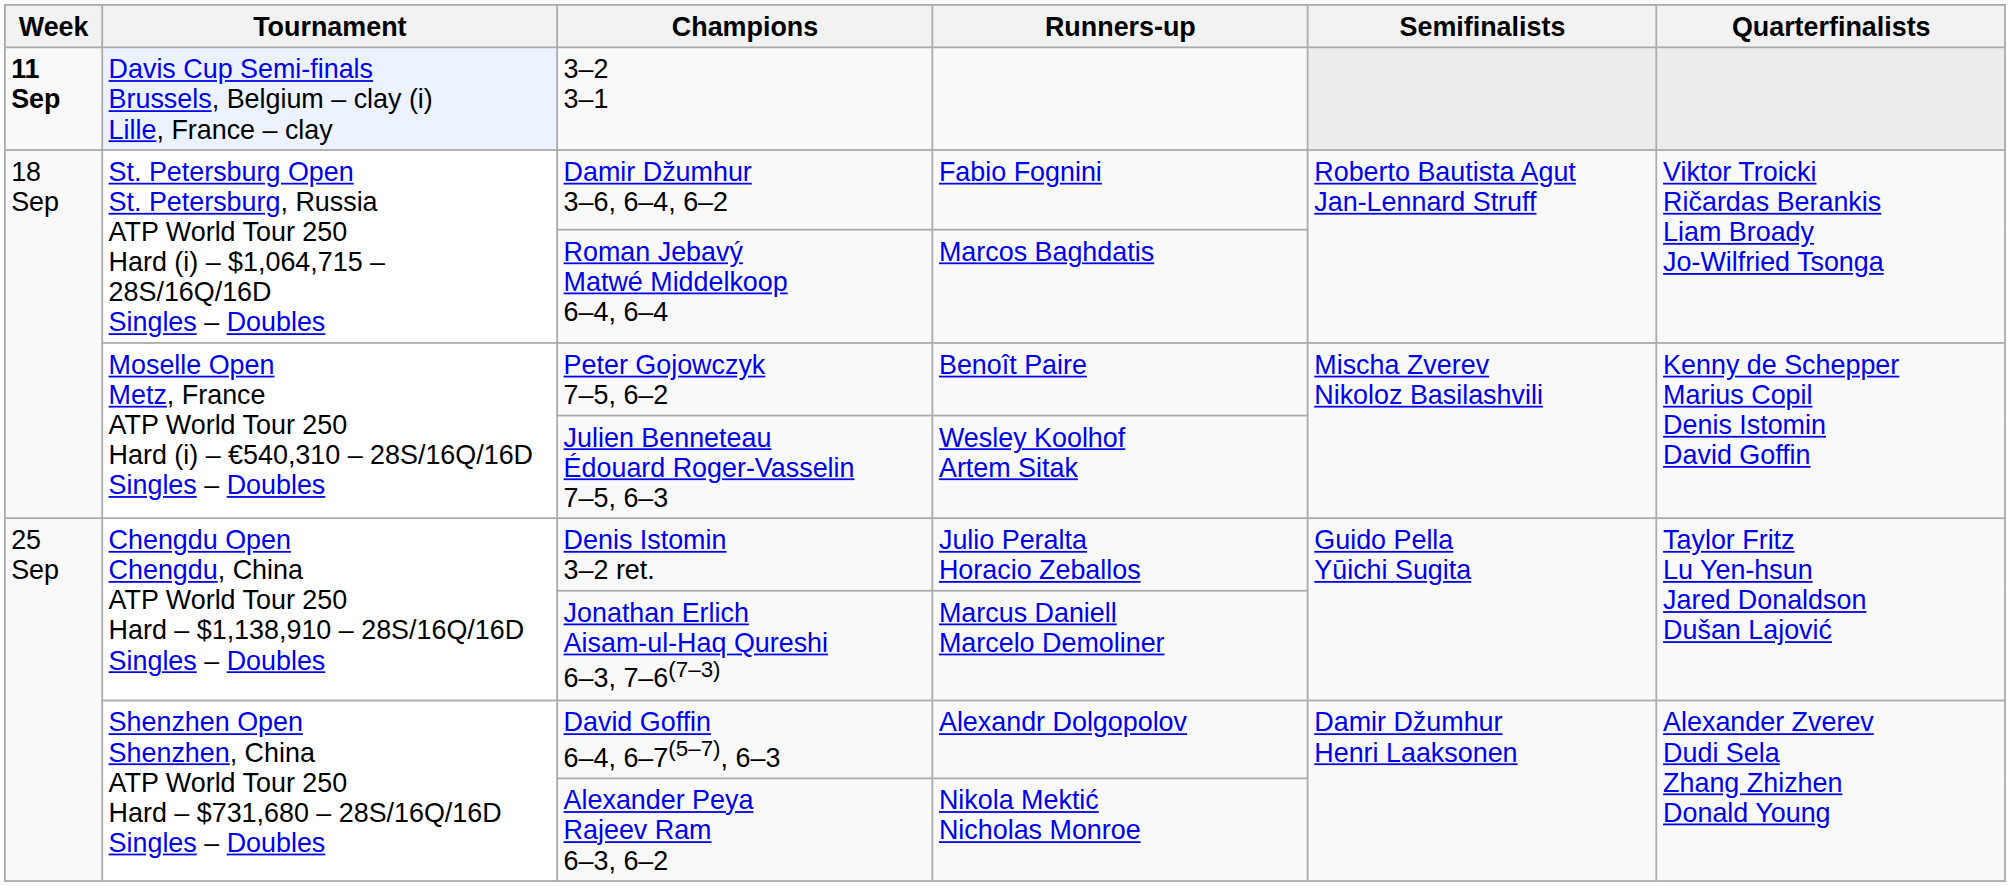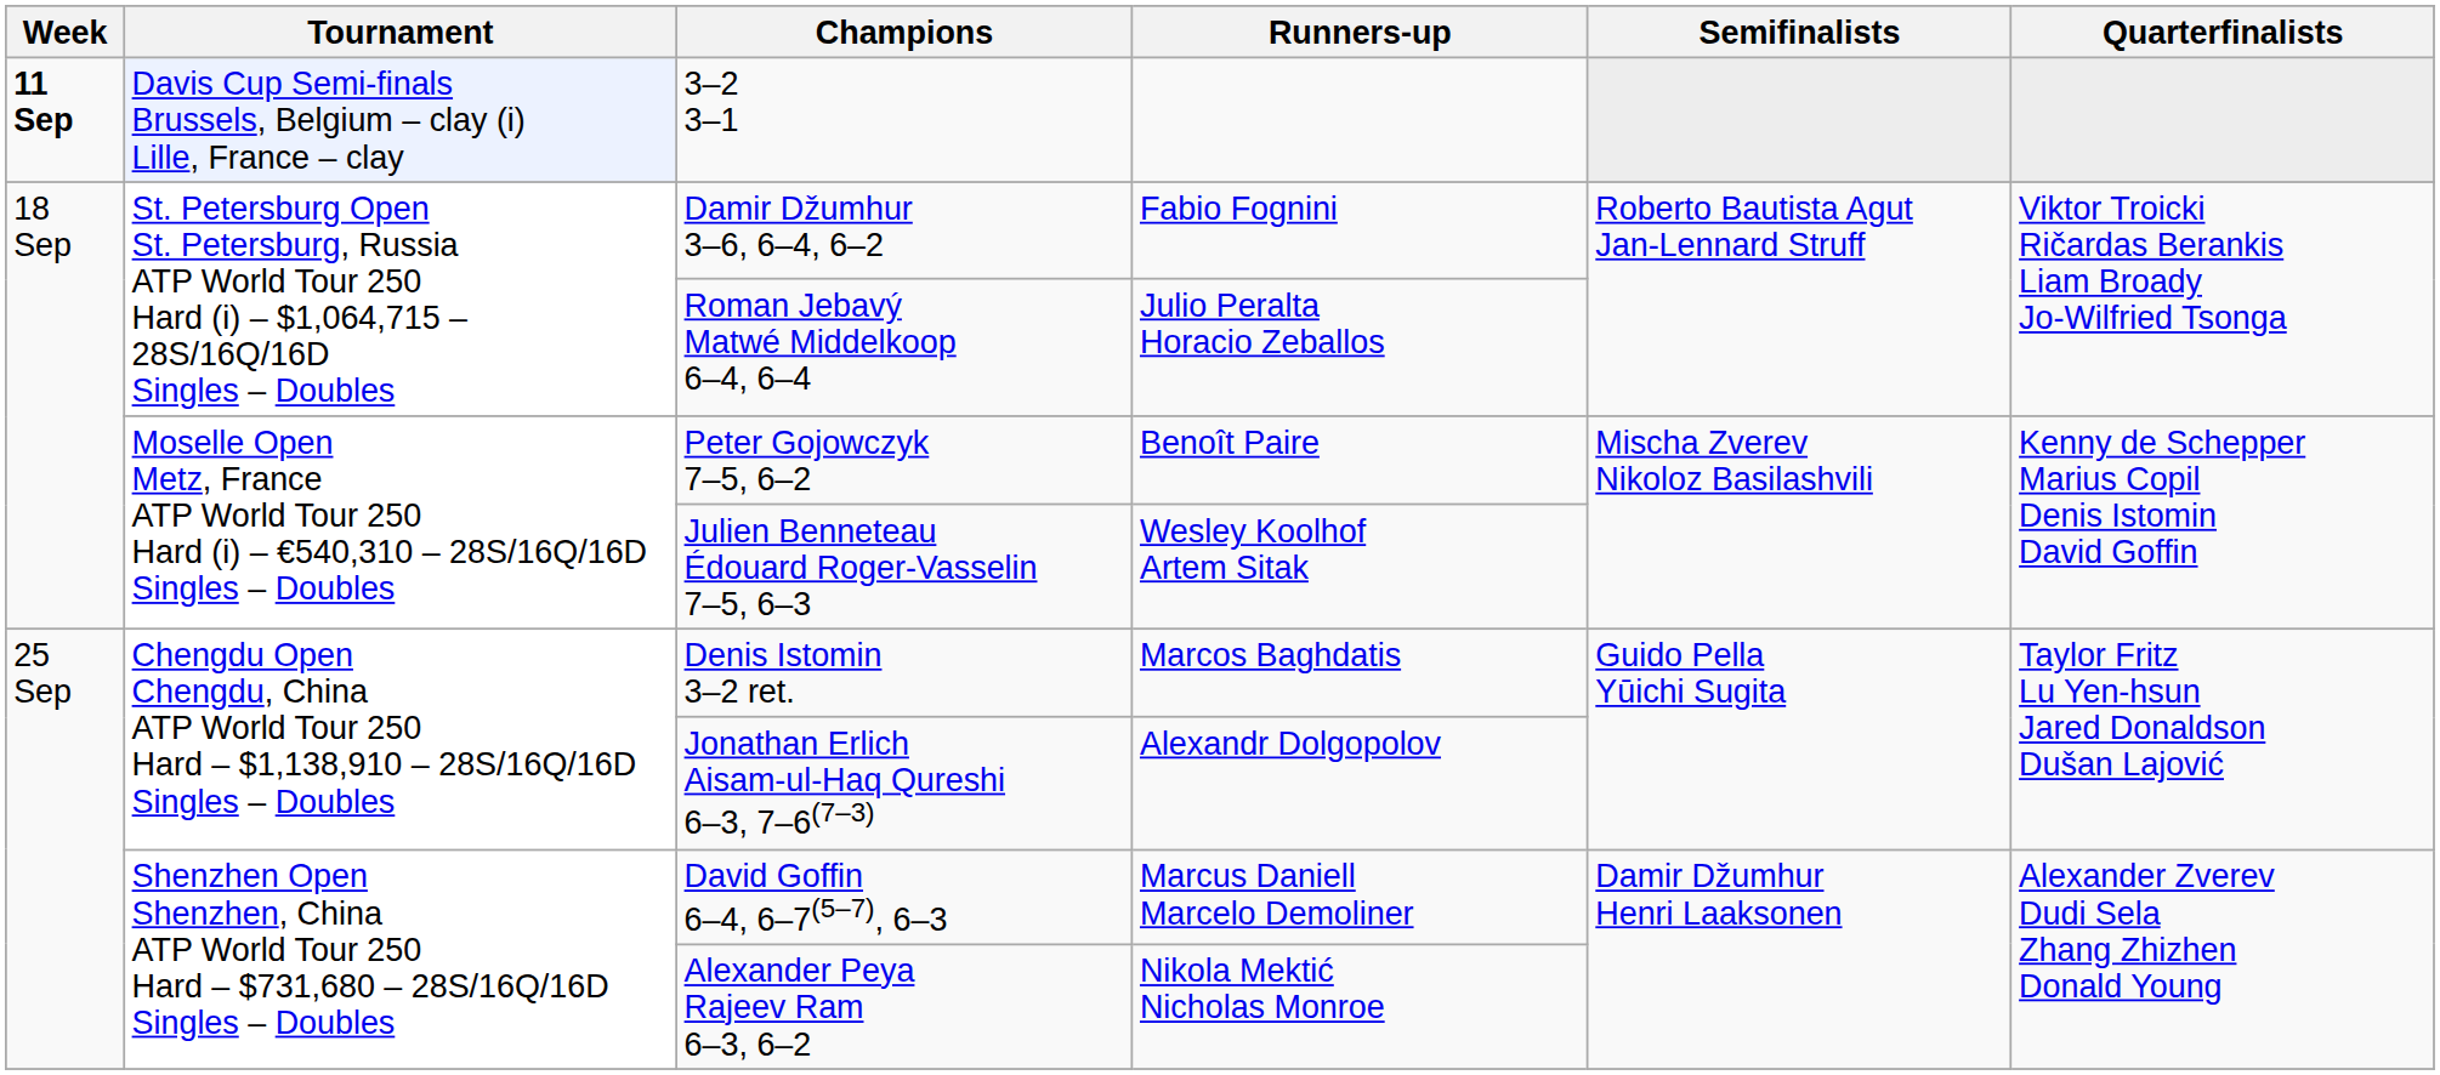 <table class=wikitable style=font-size:95%>
 <tr>
 <th style="width:48px;">Week</th>
 <th style="width:250px;">Tournament</th>
 <th style="width:205px;">Champions</th>
 <th style="width:205px;">Runners-up</th>
 <th style="width:190px;">Semifinalists</th>
 <th style="width:190px;">Quarterfinalists</th>
 </tr>
 <tr valign=top>
 <td><strong>11 Sep</strong></td>
 <td bgcolor=#ECF2FF><a href='#'>Davis Cup Semi-finals</a><br><a href='#'>Brussels</a>, Belgium – clay (i)<br><a href='#'>Lille</a>, France – clay</td>
 <td> 3–2<br> 3–1</td>
 <td><br>  </td>
 <td bgcolor="#ededed"></td>
 <td bgcolor="#ededed"></td>
 </tr>
 <tr valign=top>
 <td rowspan=4>18 Sep</td>
 <td bgcolor=#ffffff rowspan=2><a href='#'>St. Petersburg Open</a><br> <a href='#'>St. Petersburg</a>, Russia<br>ATP World Tour 250<br>Hard (i) – $1,064,715 – 28S/16Q/16D<br><a href='#'>Singles</a> – <a href='#'>Doubles</a></td>
 <td> <a href='#'>Damir Džumhur</a> <br>3–6, 6–4, 6–2</td>
 <td> <a href='#'>Fabio Fognini</a></td>
 <td rowspan=2> <a href='#'>Roberto Bautista Agut</a> <br> <a href='#'>Jan-Lennard Struff</a></td>
 <td rowspan=2> <a href='#'>Viktor Troicki</a><br> <a href='#'>Ričardas Berankis</a> <br>  <a href='#'>Liam Broady</a> <br>  <a href='#'>Jo-Wilfried Tsonga</a></td>
 </tr>
 <tr valign=top>
 <td> <a href='#'>Roman Jebavý</a> <br>  <a href='#'>Matwé Middelkoop</a> <br> 6–4, 6–4</td>
-<td> <a href='#'>Marcos Baghdatis</a></td>
+<td> <a href='#'>Julio Peralta</a> <br>  <a href='#'>Horacio Zeballos</a></td>
 </tr>
 <tr valign=top>
 <td bgcolor=#ffffff rowspan=2><a href='#'>Moselle Open</a><br> <a href='#'>Metz</a>, France<br>ATP World Tour 250<br>Hard (i) – €540,310 – 28S/16Q/16D<br><a href='#'>Singles</a> – <a href='#'>Doubles</a></td>
 <td> <a href='#'>Peter Gojowczyk</a> <br> 7–5, 6–2</td>
 <td> <a href='#'>Benoît Paire</a></td>
 <td rowspan=2> <a href='#'>Mischa Zverev</a> <br> <a href='#'>Nikoloz Basilashvili</a></td>
 <td rowspan=2> <a href='#'>Kenny de Schepper</a> <br> <a href='#'>Marius Copil</a> <br>  <a href='#'>Denis Istomin</a> <br> <a href='#'>David Goffin</a></td>
 </tr>
 <tr valign=top>
 <td> <a href='#'>Julien Benneteau</a> <br>  <a href='#'>Édouard Roger-Vasselin</a> <br>7–5, 6–3</td>
 <td> <a href='#'>Wesley Koolhof</a> <br>  <a href='#'>Artem Sitak</a></td>
 </tr>
 <tr valign=top>
 <td rowspan=4>25 Sep</td>
 <td bgcolor=#ffffff rowspan=2><a href='#'>Chengdu Open</a><br> <a href='#'>Chengdu</a>, China<br>ATP World Tour 250<br>Hard – $1,138,910 – 28S/16Q/16D<br><a href='#'>Singles</a> – <a href='#'>Doubles</a></td>
 <td> <a href='#'>Denis Istomin</a> <br> 3–2 ret.</td>
-<td> <a href='#'>Julio Peralta</a> <br>  <a href='#'>Horacio Zeballos</a></td>
+<td> <a href='#'>Marcos Baghdatis</a></td>
 <td rowspan=2> <a href='#'>Guido Pella</a> <br> <a href='#'>Yūichi Sugita</a></td>
 <td rowspan=2> <a href='#'>Taylor Fritz</a><br> <a href='#'>Lu Yen-hsun</a> <br> <a href='#'>Jared Donaldson</a> <br> <a href='#'>Dušan Lajović</a></td>
 </tr>
 <tr valign=top>
 <td> <a href='#'>Jonathan Erlich</a><br> <a href='#'>Aisam-ul-Haq Qureshi</a><br>6–3, 7–6<sup>(7–3)</sup></td>
-<td> <a href='#'>Marcus Daniell</a><br> <a href='#'>Marcelo Demoliner</a></td>
+<td> <a href='#'>Alexandr Dolgopolov</a></td>
 </tr>
 <tr valign=top>
 <td bgcolor=#ffffff rowspan=2><a href='#'>Shenzhen Open</a><br> <a href='#'>Shenzhen</a>, China<br>ATP World Tour 250<br>Hard – $731,680 – 28S/16Q/16D<br><a href='#'>Singles</a> – <a href='#'>Doubles</a></td>
 <td> <a href='#'>David Goffin</a><br>6–4, 6–7<sup>(5–7)</sup>, 6–3</td>
-<td> <a href='#'>Alexandr Dolgopolov</a></td>
+<td> <a href='#'>Marcus Daniell</a><br> <a href='#'>Marcelo Demoliner</a></td>
 <td rowspan=2> <a href='#'>Damir Džumhur</a><br> <a href='#'>Henri Laaksonen</a></td>
 <td rowspan=2> <a href='#'>Alexander Zverev</a> <br> <a href='#'>Dudi Sela</a> <br> <a href='#'>Zhang Zhizhen</a><br> <a href='#'>Donald Young</a></td>
 </tr>
 <tr valign=top>
 <td> <a href='#'>Alexander Peya</a><br> <a href='#'>Rajeev Ram</a><br>6–3, 6–2</td>
 <td> <a href='#'>Nikola Mektić</a><br> <a href='#'>Nicholas Monroe</a></td>
 </tr>
 </table>
